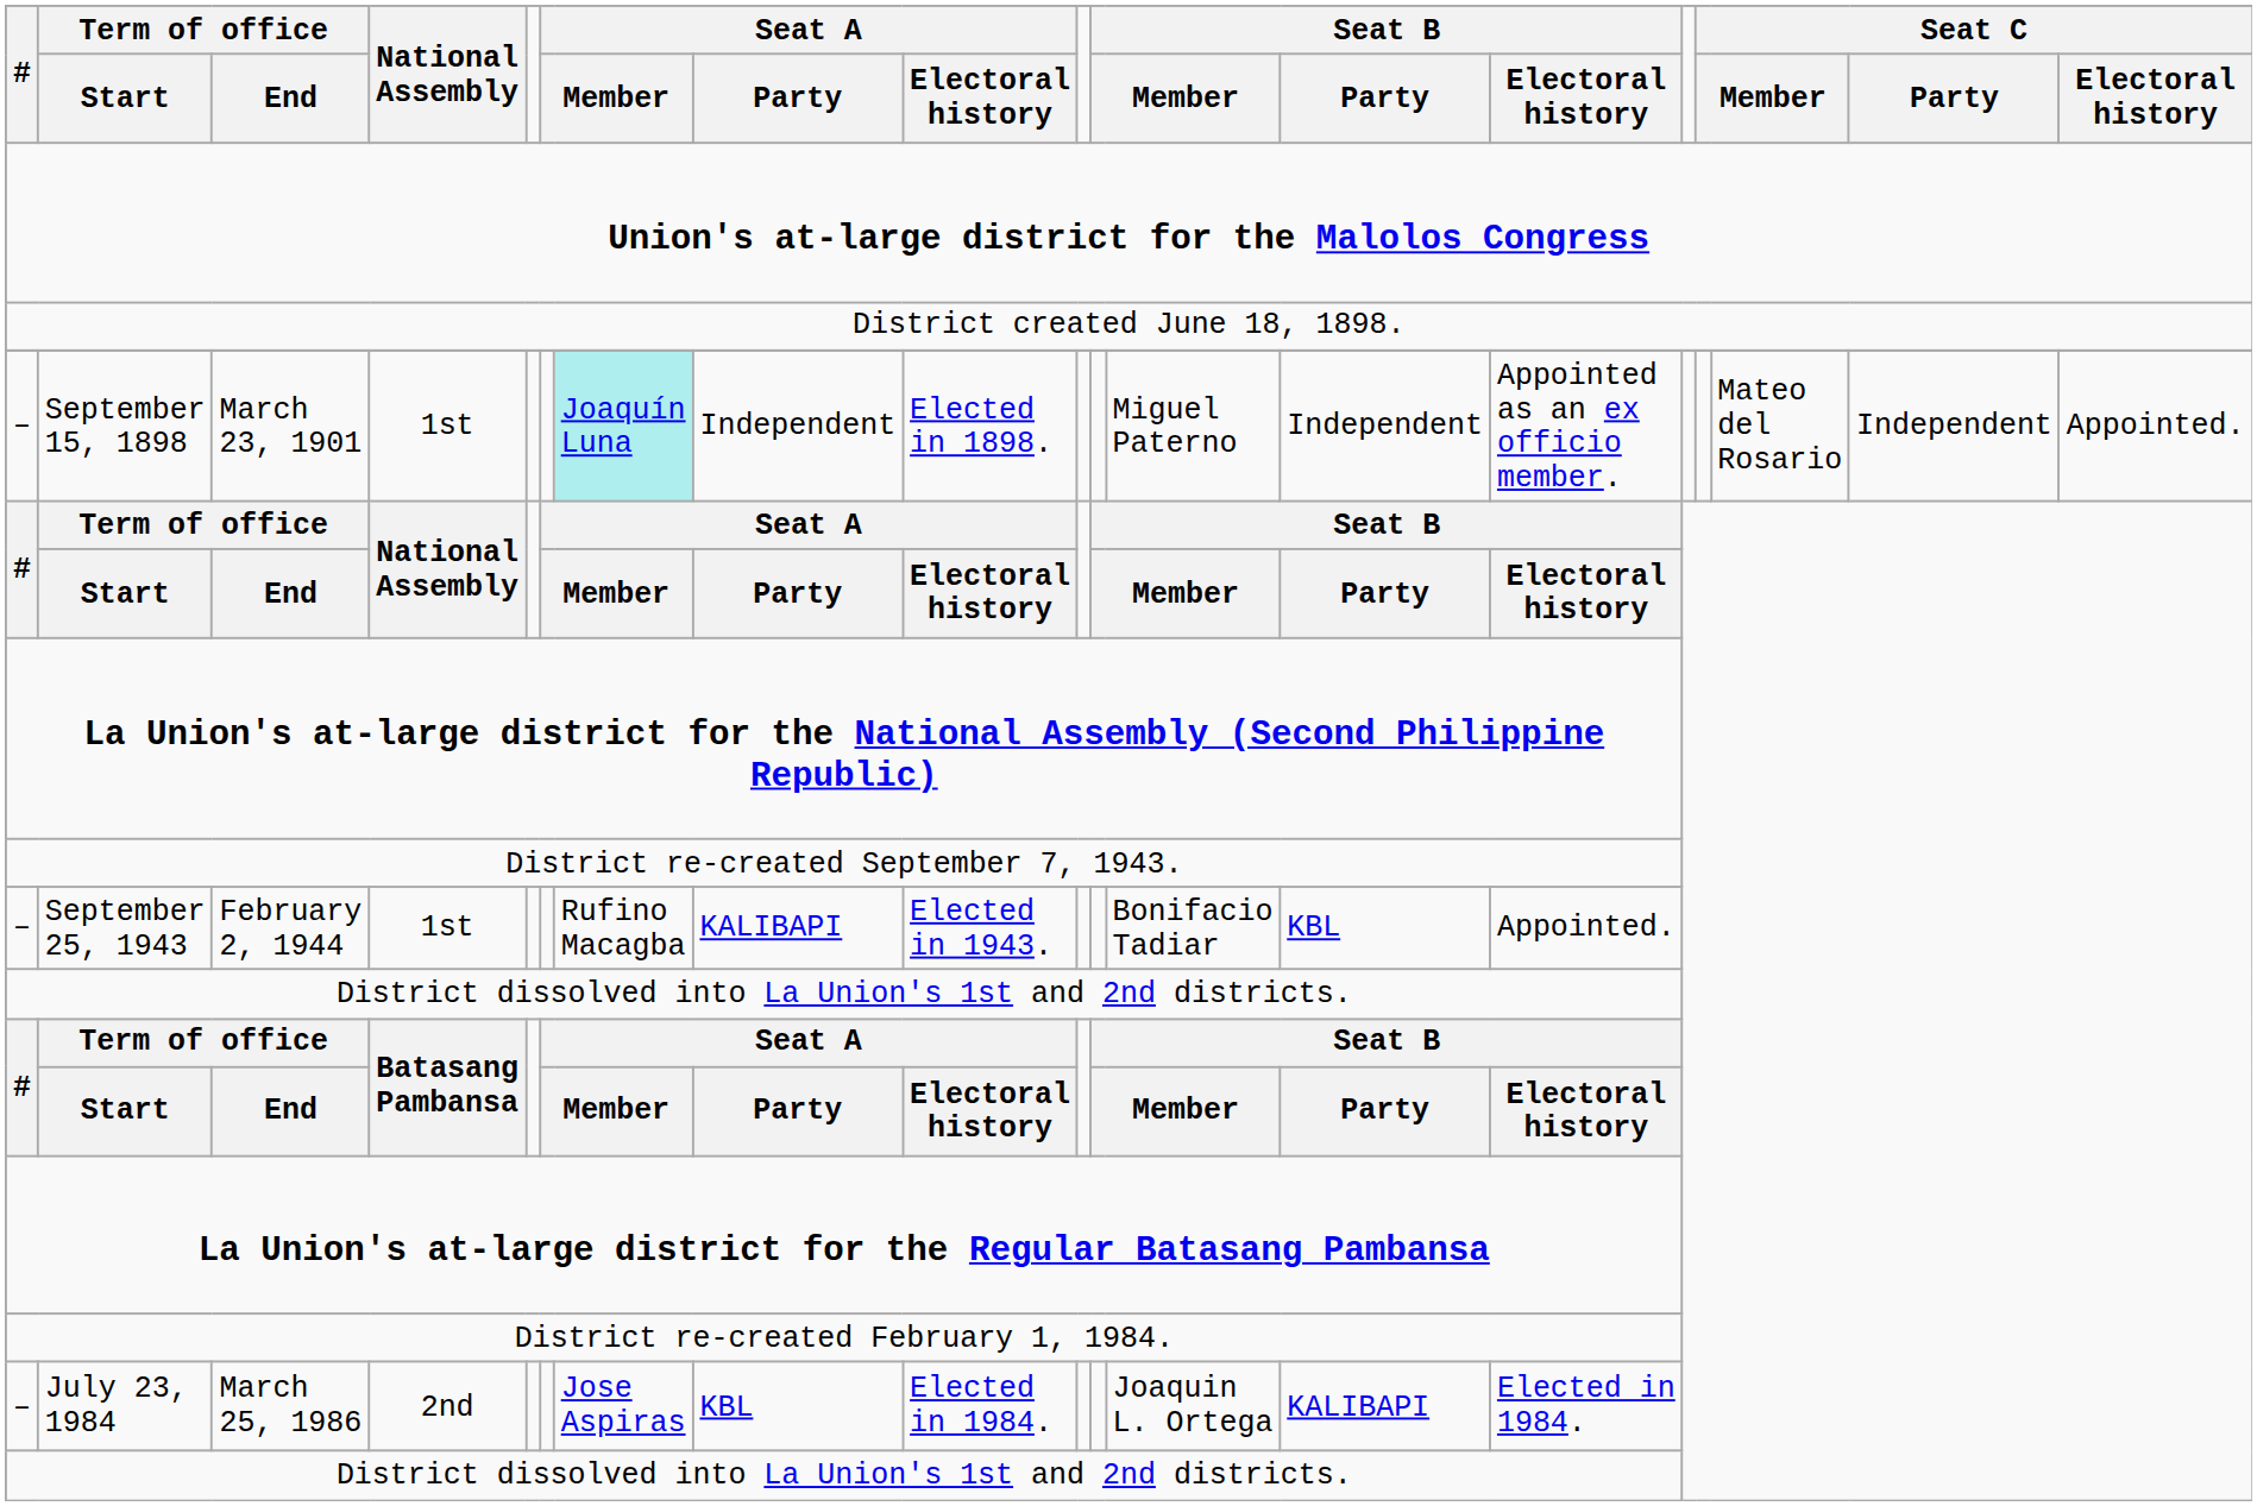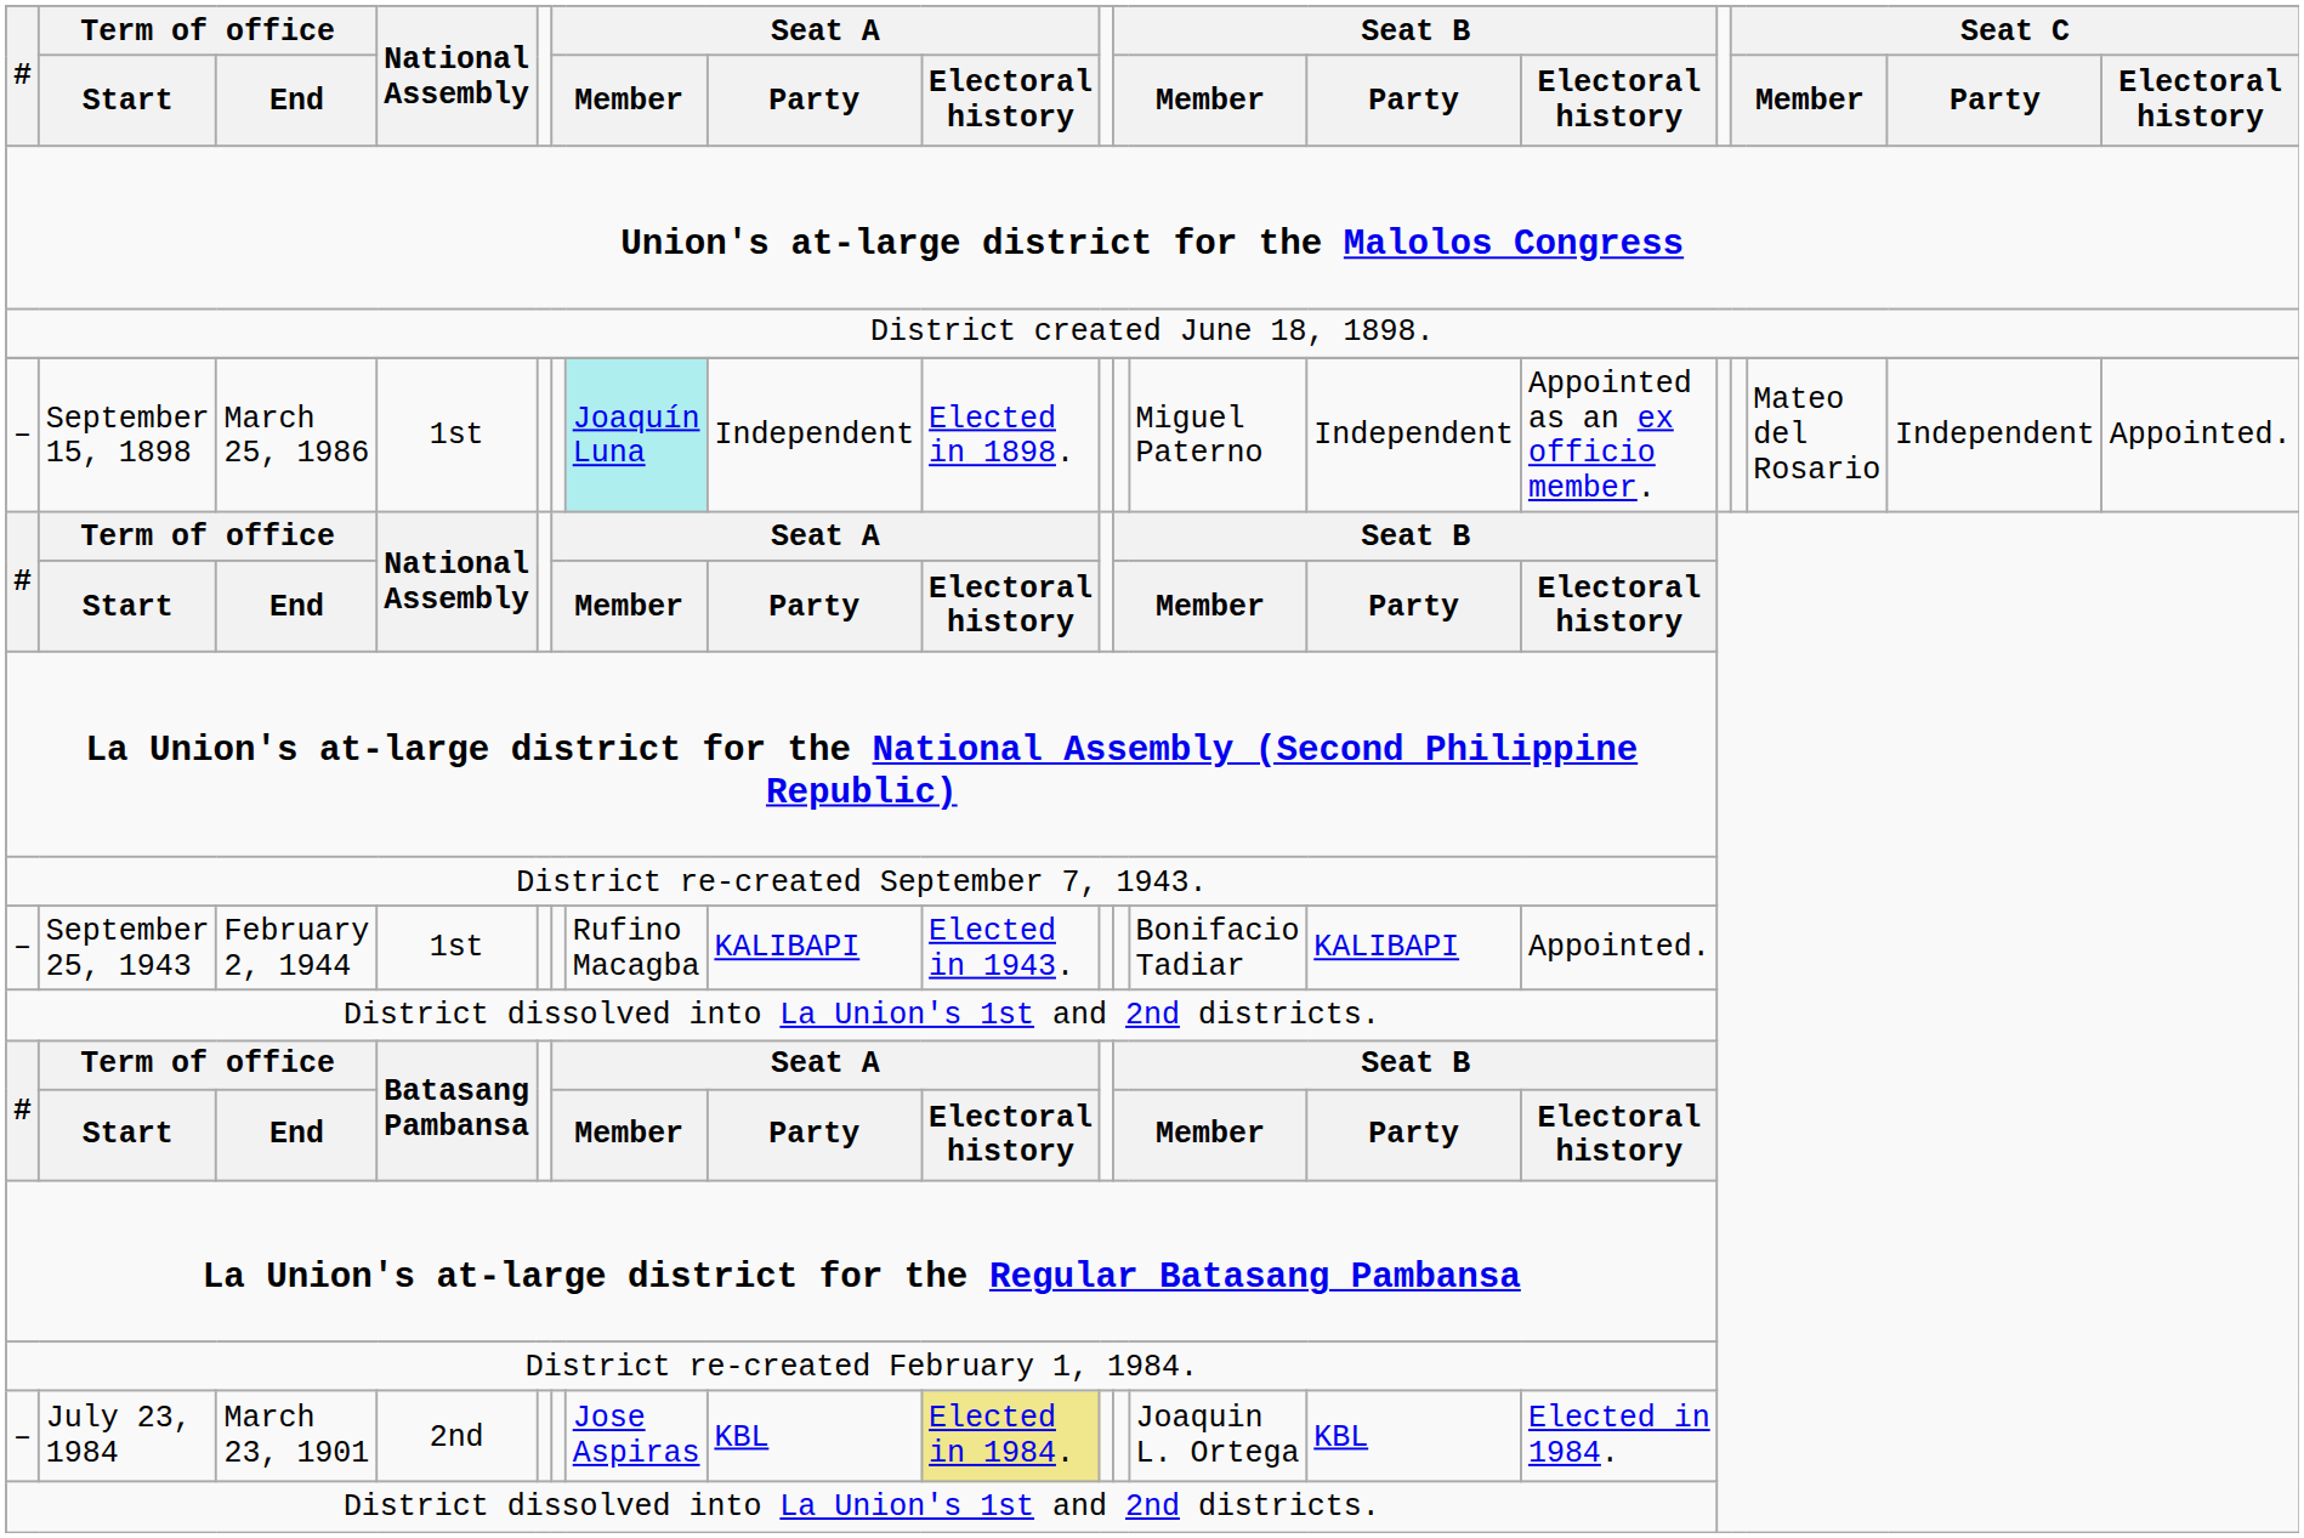 <table class=wikitable>
 <tr>
 <th rowspan=2>#</th>
 <th colspan=2>Term of office</th>
 <th rowspan=2>National<br>Assembly</th>
 <td rowspan=2></td>
 <th colspan=4>Seat A</th>
 <td rowspan=2></td>
 <th colspan=4>Seat B</th>
 <td rowspan=2></td>
 <th colspan=4>Seat C</th>
 </tr>
 <tr style="height:3em">
 <th>Start</th>
 <th>End</th>
 <th colspan="2" style="text-align:center;">Member</th>
 <th>Party</th>
 <th>Electoral history</th>
 <th colspan="2" style="text-align:center;">Member</th>
 <th>Party</th>
 <th>Electoral history</th>
 <th colspan="2" style="text-align:center;">Member</th>
 <th>Party</th>
 <th>Electoral history</th>
 </tr>
 <tr>
 <td colspan="19" style="text-align:center;"><br><h3>Union's at-large district for the <a href='#'>Malolos Congress</a></h3></td>
 </tr>
 <tr>
 <td colspan="19" style="text-align:center;">District created June 18, 1898.</td>
 </tr>
 <tr>
 </tr>
 <tr style="height:3em">
 <td style="text-align:center;">–</td>
 <td>September 15, 1898</td>
-<td>March 23, 1901</td>
+<td>March 25, 1986</td>
 <td style="text-align:center;">1st</td>
 <td></td>
 <td style="background:"></td>
 <td style="background: paleturquoise;"><a href='#'>Joaquín Luna</a></td>
 <td>Independent</td>
 <td><a href='#'>Elected in 1898</a>.</td>
 <td></td>
 <td style="background:"></td>
 <td>Miguel Paterno</td>
 <td>Independent</td>
 <td>Appointed as an <a href='#'>ex officio member</a>.</td>
 <td></td>
 <td style="background:"></td>
 <td>Mateo del Rosario</td>
 <td>Independent</td>
 <td>Appointed.</td>
 </tr>
 <tr>
 <th rowspan=2>#</th>
 <th colspan=2>Term of office</th>
 <th rowspan=2>National<br>Assembly</th>
 <td rowspan=2></td>
 <th colspan=4>Seat A</th>
 <td rowspan=2></td>
 <th colspan=4>Seat B</th>
 </tr>
 <tr style="height:3em">
 <th>Start</th>
 <th>End</th>
 <th colspan="2" style="text-align:center;">Member</th>
 <th>Party</th>
 <th>Electoral history</th>
 <th colspan="2" style="text-align:center;">Member</th>
 <th>Party</th>
 <th>Electoral history</th>
 </tr>
 <tr>
 <td colspan="14" style="text-align:center;"><br><h3>La Union's at-large district for the <a href='#'>National Assembly (Second Philippine Republic)</a></h3></td>
 </tr>
 <tr>
 <td colspan="14" style="text-align:center;">District re-created September 7, 1943.</td>
 </tr>
 <tr>
 <td style="text-align:center;">–</td>
 <td>September 25, 1943</td>
 <td>February 2, 1944</td>
 <td style="text-align:center;">1st</td>
 <td></td>
 <td style="background:"></td>
 <td>Rufino Macagba</td>
 <td><a href='#'>KALIBAPI</a></td>
 <td><a href='#'>Elected in 1943</a>.</td>
 <td></td>
 <td style="background:"></td>
 <td>Bonifacio Tadiar</td>
-<td><a href='#'>KBL</a></td>
+<td><a href='#'>KALIBAPI</a></td>
 <td>Appointed.</td>
 </tr>
 <tr>
 <td colspan="14" style="text-align:center;">District dissolved into <a href='#'>La Union's 1st</a> and <a href='#'>2nd</a> districts.</td>
 </tr>
 <tr>
 <th rowspan=2>#</th>
 <th colspan=2>Term of office</th>
 <th rowspan=2>Batasang<br>Pambansa</th>
 <td rowspan=2></td>
 <th colspan=4>Seat A</th>
 <td rowspan=2></td>
 <th colspan=4>Seat B</th>
 </tr>
 <tr style="height:3em">
 <th>Start</th>
 <th>End</th>
 <th colspan="2" style="text-align:center;">Member</th>
 <th>Party</th>
 <th>Electoral history</th>
 <th colspan="2" style="text-align:center;">Member</th>
 <th>Party</th>
 <th>Electoral history</th>
 </tr>
 <tr>
 <td colspan="14" style="text-align:center;"><br><h3>La Union's at-large district for the <a href='#'>Regular Batasang Pambansa</a></h3></td>
 </tr>
 <tr>
 <td colspan="14" style="text-align:center;">District re-created February 1, 1984.</td>
 </tr>
 <tr style="height:3em">
 <td style="text-align:center;">–</td>
 <td>July 23, 1984</td>
-<td>March 25, 1986</td>
+<td>March 23, 1901</td>
 <td style="text-align:center;">2nd</td>
 <td></td>
 <td style="background:"></td>
 <td><a href='#'>Jose Aspiras</a></td>
 <td><a href='#'>KBL</a></td>
-<td><a href='#'>Elected in 1984</a>.</td>
+<td style="background: khaki;"><a href='#'>Elected in 1984</a>.</td>
 <td></td>
 <td style="background:"></td>
 <td>Joaquin L. Ortega</td>
-<td><a href='#'>KALIBAPI</a></td>
+<td><a href='#'>KBL</a></td>
 <td><a href='#'>Elected in 1984</a>.</td>
 </tr>
 <tr>
 <td colspan="14" style="text-align:center;">District dissolved into <a href='#'>La Union's 1st</a> and <a href='#'>2nd</a> districts.</td>
 </tr>
 </table>
